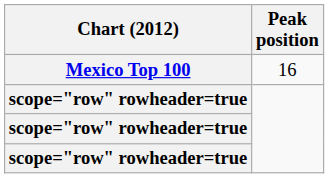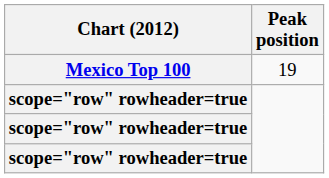 <table class="wikitable">
 <tr>
 <th align="center">Chart (2012)</th>
 <th align="center">Peak<br>position</th>
 </tr>
 <tr>
 <th scope="row" rowheader=true><a href='#'>Mexico Top 100</a></th>
-<td align="center">16</td>
+<td align="center">19</td>
 </tr>
 <tr>
 <th>scope="row" rowheader=true</th>
 </tr>
 <tr>
 <th>scope="row" rowheader=true</th>
 </tr>
 <tr>
 <th>scope="row" rowheader=true</th>
 </tr>
 </table>
